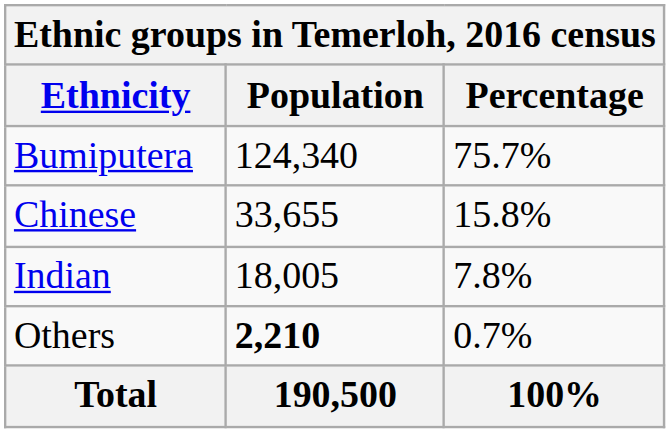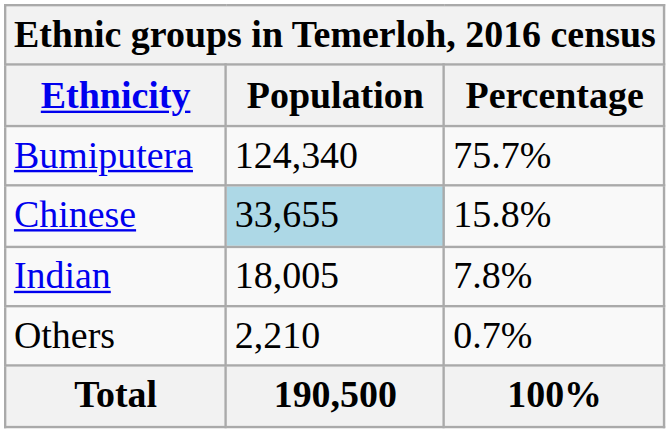 <table class="wikitable">
 <tr>
 <th style="text-align:center;" colspan="3">Ethnic groups in Temerloh, 2016 census</th>
 </tr>
 <tr>
 <th><a href='#'>Ethnicity</a></th>
 <th>Population</th>
 <th>Percentage</th>
 </tr>
 <tr>
 <td><a href='#'>Bumiputera</a></td>
 <td>124,340</td>
 <td>75.7%</td>
 </tr>
 <tr>
 <td><a href='#'>Chinese</a></td>
-<td>33,655</td>
+<td style="background: lightblue;">33,655</td>
 <td>15.8%</td>
 </tr>
 <tr>
 <td><a href='#'>Indian</a></td>
 <td>18,005</td>
 <td>7.8%</td>
 </tr>
 <tr>
 <td>Others</td>
-<td><strong>2,210</strong></td>
+<td>2,210</td>
 <td>0.7%</td>
 </tr>
 <tr>
 <th>Total</th>
 <th>190,500</th>
 <th>100%</th>
 </tr>
 </table>
